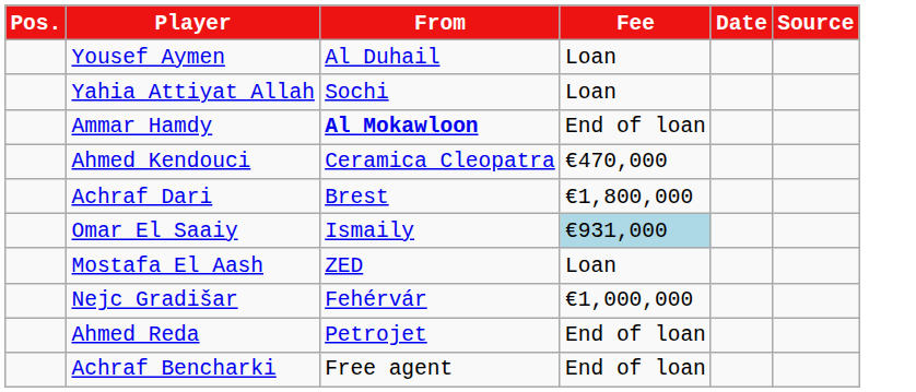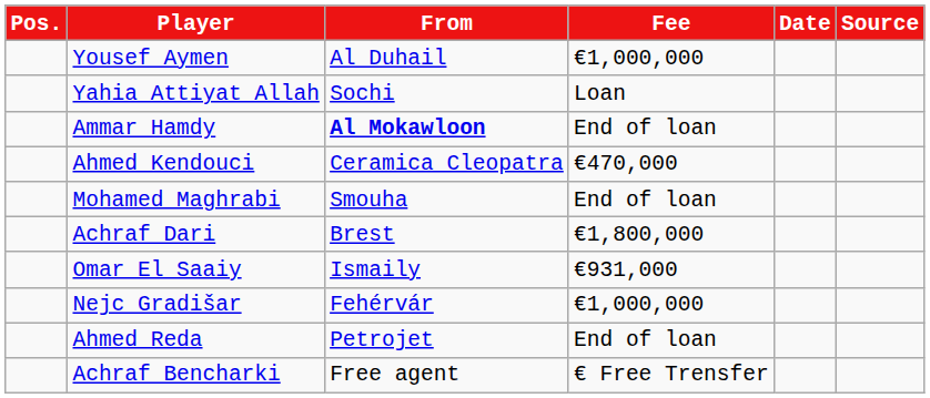 <table class="wikitable plainrowheaders sortable">
 <tr>
 <th style="background:#ed1313; color:#ffffff; ">Pos.</th>
 <th style="background:#ed1313; color:#ffffff; ">Player</th>
 <th style="background:#ed1313; color:#ffffff; ">From</th>
 <th style="background:#ed1313; color:#ffffff; ">Fee</th>
 <th style="background:#ed1313; color:#ffffff; ">Date</th>
 <th style="background:#ed1313; color:#ffffff; ">Source</th>
 </tr>
 <tr>
 <td align="center"></td>
 <td> <a href='#'>Yousef Aymen</a></td>
 <td> <a href='#'>Al Duhail</a></td>
-<td>Loan</td>
+<td>€1,000,000</td>
 <td></td>
 <td></td>
 </tr>
 <tr>
 <td align="center"></td>
 <td> <a href='#'>Yahia Attiyat Allah</a></td>
 <td> <a href='#'>Sochi</a></td>
 <td>Loan</td>
 <td></td>
 <td></td>
 </tr>
 <tr>
 <td align="center"></td>
 <td> <a href='#'>Ammar Hamdy</a></td>
 <td><strong> <a href='#'>Al Mokawloon</a></strong></td>
 <td>End of loan</td>
 <td></td>
 <td></td>
 </tr>
 <tr>
 <td align="center"></td>
 <td> <a href='#'>Ahmed Kendouci</a></td>
 <td> <a href='#'>Ceramica Cleopatra</a></td>
 <td>€470,000</td>
 <td></td>
 <td></td>
 </tr>
 <tr>
 <td align="center"></td>
+<td> <a href='#'>Mohamed Maghrabi</a></td>
+<td> <a href='#'>Smouha</a></td>
+<td>End of loan</td>
+<td></td>
+<td></td>
+</tr>
+<tr>
+<td align="center"></td>
 <td> <a href='#'>Achraf Dari</a></td>
 <td> <a href='#'>Brest</a></td>
 <td>€1,800,000</td>
 <td></td>
 <td></td>
 </tr>
 <tr>
 <td align="center"></td>
 <td> <a href='#'>Omar El Saaiy</a></td>
 <td> <a href='#'>Ismaily</a></td>
-<td style="background: lightblue;">€931,000</td>
-<td></td>
-<td></td>
-</tr>
-<tr>
-<td align="center"></td>
-<td> <a href='#'>Mostafa El Aash</a></td>
-<td> <a href='#'>ZED</a></td>
-<td>Loan</td>
+<td>€931,000</td>
 <td></td>
 <td></td>
 </tr>
 <tr>
 <td align="center"></td>
 <td> <a href='#'>Nejc Gradišar</a></td>
 <td> <a href='#'>Fehérvár</a></td>
 <td>€1,000,000</td>
 <td></td>
 <td></td>
 </tr>
 <tr>
 <td align="center"></td>
 <td> <a href='#'>Ahmed Reda</a></td>
 <td> <a href='#'>Petrojet</a></td>
 <td>End of loan</td>
 <td></td>
 <td></td>
 </tr>
 <tr>
 <td align="center"></td>
 <td> <a href='#'>Achraf Bencharki</a></td>
 <td>Free agent</td>
-<td>End of loan</td>
+<td>€ Free Trensfer</td>
 <td></td>
 </tr>
 </table>
